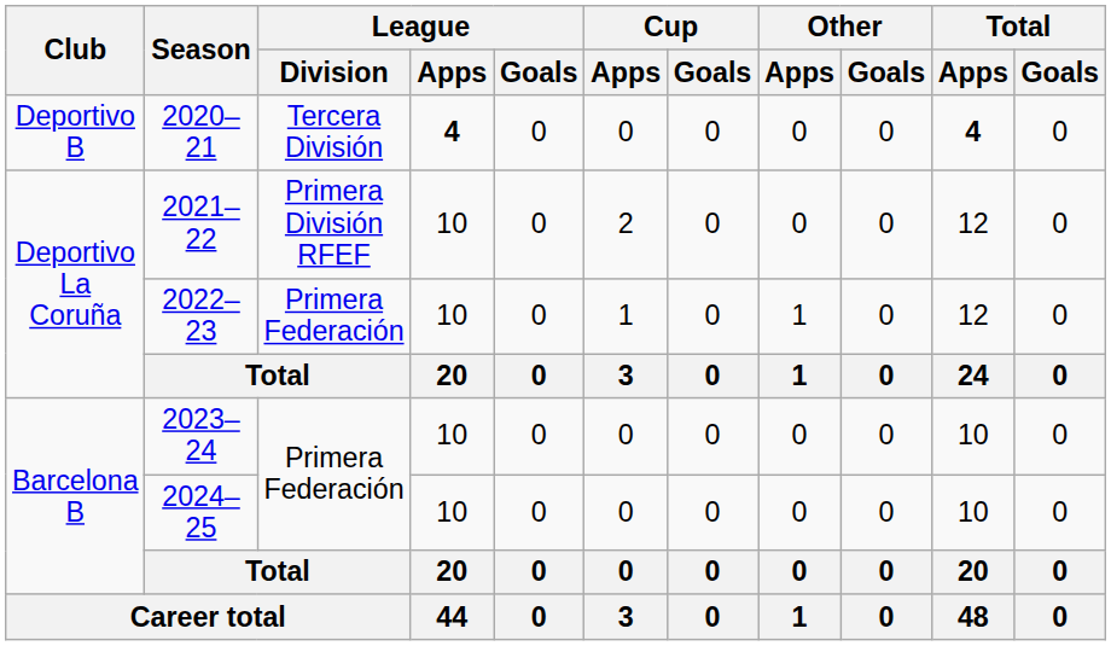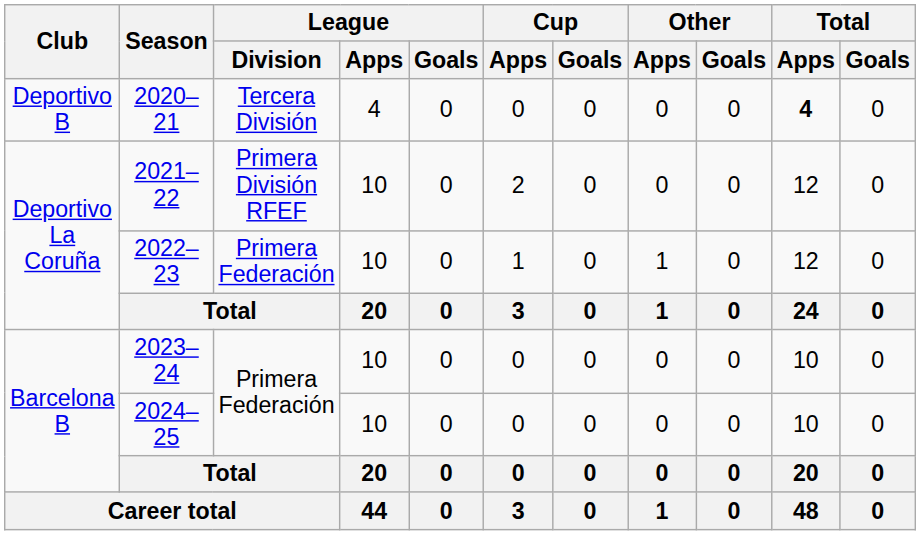 <table class=wikitable style=text-align:center>
 <tr>
 <th rowspan=2>Club</th>
 <th rowspan=2>Season</th>
 <th colspan=3>League</th>
 <th colspan=2>Cup</th>
 <th colspan=2>Other</th>
 <th colspan=2>Total</th>
 </tr>
 <tr>
 <th>Division</th>
 <th>Apps</th>
 <th>Goals</th>
 <th>Apps</th>
 <th>Goals</th>
 <th>Apps</th>
 <th>Goals</th>
 <th>Apps</th>
 <th>Goals</th>
 </tr>
 <tr>
 <td><a href='#'>Deportivo B</a></td>
 <td><a href='#'>2020–21</a></td>
 <td><a href='#'>Tercera División</a></td>
-<td><strong>4</strong></td>
+<td>4</td>
 <td>0</td>
 <td>0</td>
 <td>0</td>
 <td>0</td>
 <td>0</td>
 <td><strong>4</strong></td>
 <td>0</td>
 </tr>
 <tr>
 <td rowspan="3"><a href='#'>Deportivo La Coruña</a></td>
 <td><a href='#'>2021–22</a></td>
 <td><a href='#'>Primera División RFEF</a></td>
 <td>10</td>
 <td>0</td>
 <td>2</td>
 <td>0</td>
 <td>0</td>
 <td>0</td>
 <td>12</td>
 <td>0</td>
 </tr>
 <tr>
 <td><a href='#'>2022–23</a></td>
 <td><a href='#'>Primera Federación</a></td>
 <td>10</td>
 <td>0</td>
 <td>1</td>
 <td>0</td>
 <td>1</td>
 <td>0</td>
 <td>12</td>
 <td>0</td>
 </tr>
 <tr>
 <th colspan="2">Total</th>
 <th>20</th>
 <th>0</th>
 <th>3</th>
 <th>0</th>
 <th>1</th>
 <th>0</th>
 <th>24</th>
 <th>0</th>
 </tr>
 <tr>
 <td rowspan=3><a href='#'>Barcelona B</a></td>
 <td><a href='#'>2023–24</a></td>
 <td rowspan=2>Primera Federación</td>
 <td>10</td>
 <td>0</td>
 <td>0</td>
 <td>0</td>
 <td>0</td>
 <td>0</td>
 <td>10</td>
 <td>0</td>
 </tr>
 <tr>
 <td><a href='#'>2024–25</a></td>
 <td>10</td>
 <td>0</td>
 <td>0</td>
 <td>0</td>
 <td>0</td>
 <td>0</td>
 <td>10</td>
 <td>0</td>
 </tr>
 <tr>
 <th colspan="2">Total</th>
 <th>20</th>
 <th>0</th>
 <th>0</th>
 <th>0</th>
 <th>0</th>
 <th>0</th>
 <th>20</th>
 <th>0</th>
 </tr>
 <tr>
 <th colspan="3">Career total</th>
 <th>44</th>
 <th>0</th>
 <th>3</th>
 <th>0</th>
 <th>1</th>
 <th>0</th>
 <th>48</th>
 <th>0</th>
 </tr>
 </table>
